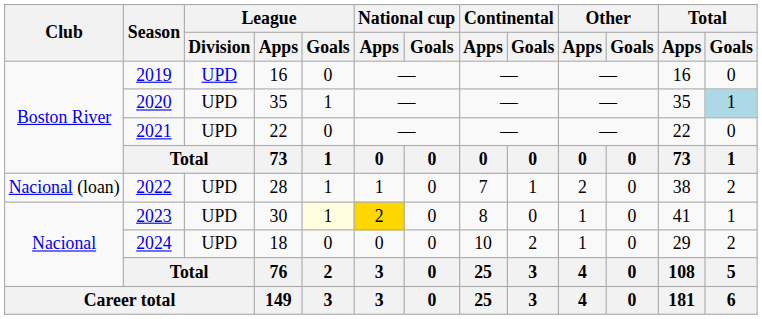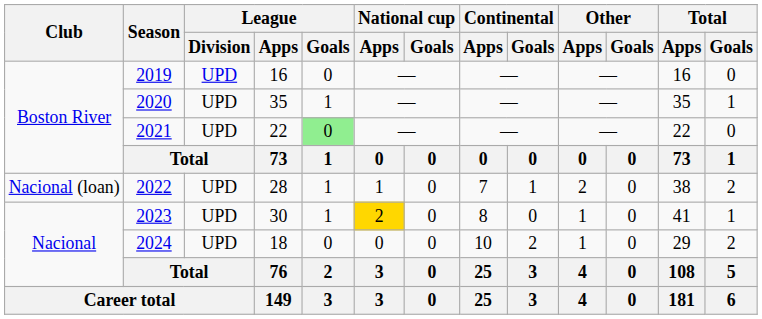 <table class="wikitable" Style="text-align: center">
 <tr>
 <th rowspan="2">Club</th>
 <th rowspan="2">Season</th>
 <th colspan="3">League</th>
 <th colspan="2">National cup</th>
 <th colspan="2">Continental</th>
 <th colspan="2">Other</th>
 <th colspan="2">Total</th>
 </tr>
 <tr>
 <th>Division</th>
 <th>Apps</th>
 <th>Goals</th>
 <th>Apps</th>
 <th>Goals</th>
 <th>Apps</th>
 <th>Goals</th>
 <th>Apps</th>
 <th>Goals</th>
 <th>Apps</th>
 <th>Goals</th>
 </tr>
 <tr>
 <td rowspan="4"><a href='#'>Boston River</a></td>
 <td><a href='#'>2019</a></td>
 <td><a href='#'>UPD</a></td>
 <td>16</td>
 <td>0</td>
 <td colspan="2">—</td>
 <td colspan="2">—</td>
 <td colspan="2">—</td>
 <td>16</td>
 <td>0</td>
 </tr>
 <tr>
 <td><a href='#'>2020</a></td>
 <td>UPD</td>
 <td>35</td>
 <td>1</td>
 <td colspan="2">—</td>
 <td colspan="2">—</td>
 <td colspan="2">—</td>
 <td>35</td>
-<td style="background: lightblue;">1</td>
+<td>1</td>
 </tr>
 <tr>
 <td><a href='#'>2021</a></td>
 <td>UPD</td>
 <td>22</td>
-<td>0</td>
+<td style="background: lightgreen;">0</td>
 <td colspan="2">—</td>
 <td colspan="2">—</td>
 <td colspan="2">—</td>
 <td>22</td>
 <td>0</td>
 </tr>
 <tr>
 <th colspan="2">Total</th>
 <th>73</th>
 <th>1</th>
 <th>0</th>
 <th>0</th>
 <th>0</th>
 <th>0</th>
 <th>0</th>
 <th>0</th>
 <th>73</th>
 <th>1</th>
 </tr>
 <tr>
 <td><a href='#'>Nacional</a> (loan)</td>
 <td><a href='#'>2022</a></td>
 <td>UPD</td>
 <td>28</td>
 <td>1</td>
 <td>1</td>
 <td>0</td>
 <td>7</td>
 <td>1</td>
 <td>2</td>
 <td>0</td>
 <td>38</td>
 <td>2</td>
 </tr>
 <tr>
 <td rowspan="3"><a href='#'>Nacional</a></td>
 <td><a href='#'>2023</a></td>
 <td>UPD</td>
 <td>30</td>
-<td style="background: lightyellow;">1</td>
+<td>1</td>
 <td style="background: gold;">2</td>
 <td>0</td>
 <td>8</td>
 <td>0</td>
 <td>1</td>
 <td>0</td>
 <td>41</td>
 <td>1</td>
 </tr>
 <tr>
 <td><a href='#'>2024</a></td>
 <td>UPD</td>
 <td>18</td>
 <td>0</td>
 <td>0</td>
 <td>0</td>
 <td>10</td>
 <td>2</td>
 <td>1</td>
 <td>0</td>
 <td>29</td>
 <td>2</td>
 </tr>
 <tr>
 <th colspan="2">Total</th>
 <th>76</th>
 <th>2</th>
 <th>3</th>
 <th>0</th>
 <th>25</th>
 <th>3</th>
 <th>4</th>
 <th>0</th>
 <th>108</th>
 <th>5</th>
 </tr>
 <tr>
 <th colspan="3">Career total</th>
 <th>149</th>
 <th>3</th>
 <th>3</th>
 <th>0</th>
 <th>25</th>
 <th>3</th>
 <th>4</th>
 <th>0</th>
 <th>181</th>
 <th>6</th>
 </tr>
 </table>
